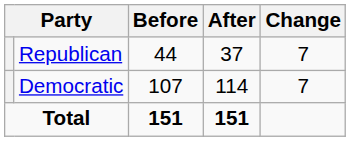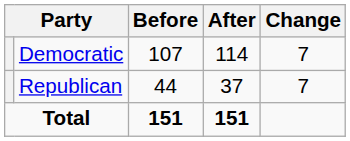 <table class="wikitable" style="text-align:center;">
 <tr>
 <th colspan="2">Party</th>
 <th>Before</th>
 <th>After</th>
 <th>Change</th>
 </tr>
 <tr>
 <th style="background-color:"></th>
-<td style="text-align:left;"><a href='#'>Republican</a></td>
-<td>44</td>
-<td>37</td>
+<td style="text-align:left;"><a href='#'>Democratic</a></td>
+<td>107</td>
+<td>114</td>
 <td> 7</td>
 </tr>
 <tr>
 <th style="background-color:"></th>
-<td style="text-align:left;"><a href='#'>Democratic</a></td>
-<td>107</td>
-<td>114</td>
+<td style="text-align:left;"><a href='#'>Republican</a></td>
+<td>44</td>
+<td>37</td>
 <td> 7</td>
 </tr>
 <tr>
 <td colspan="2"><strong>Total</strong></td>
 <td><strong>151</strong></td>
 <td><strong>151</strong></td>
 <td></td>
 </tr>
 </table>
